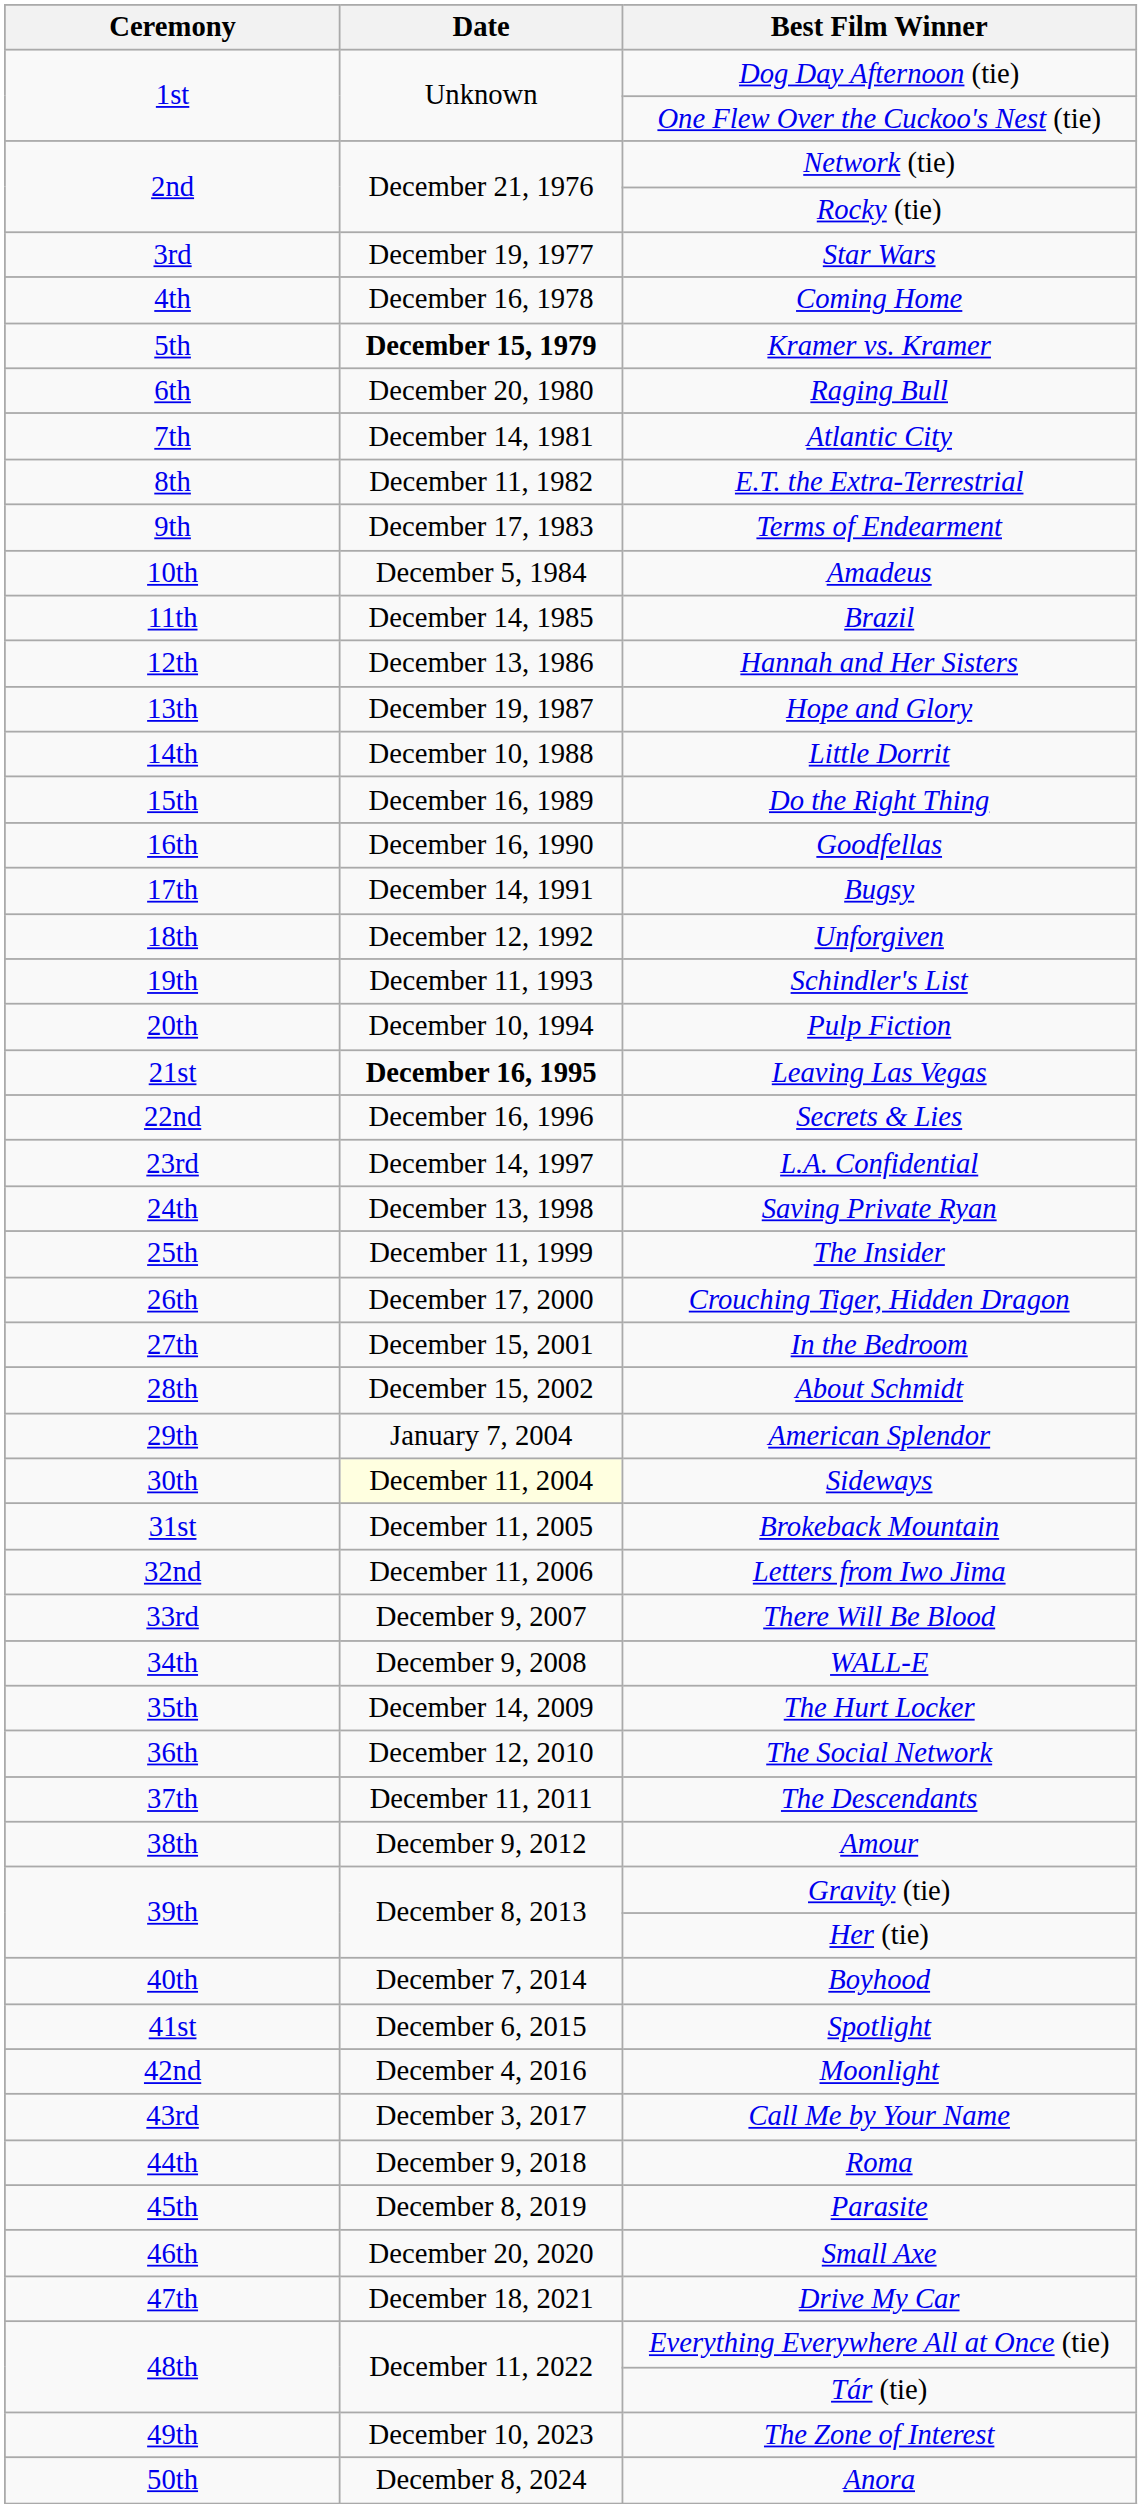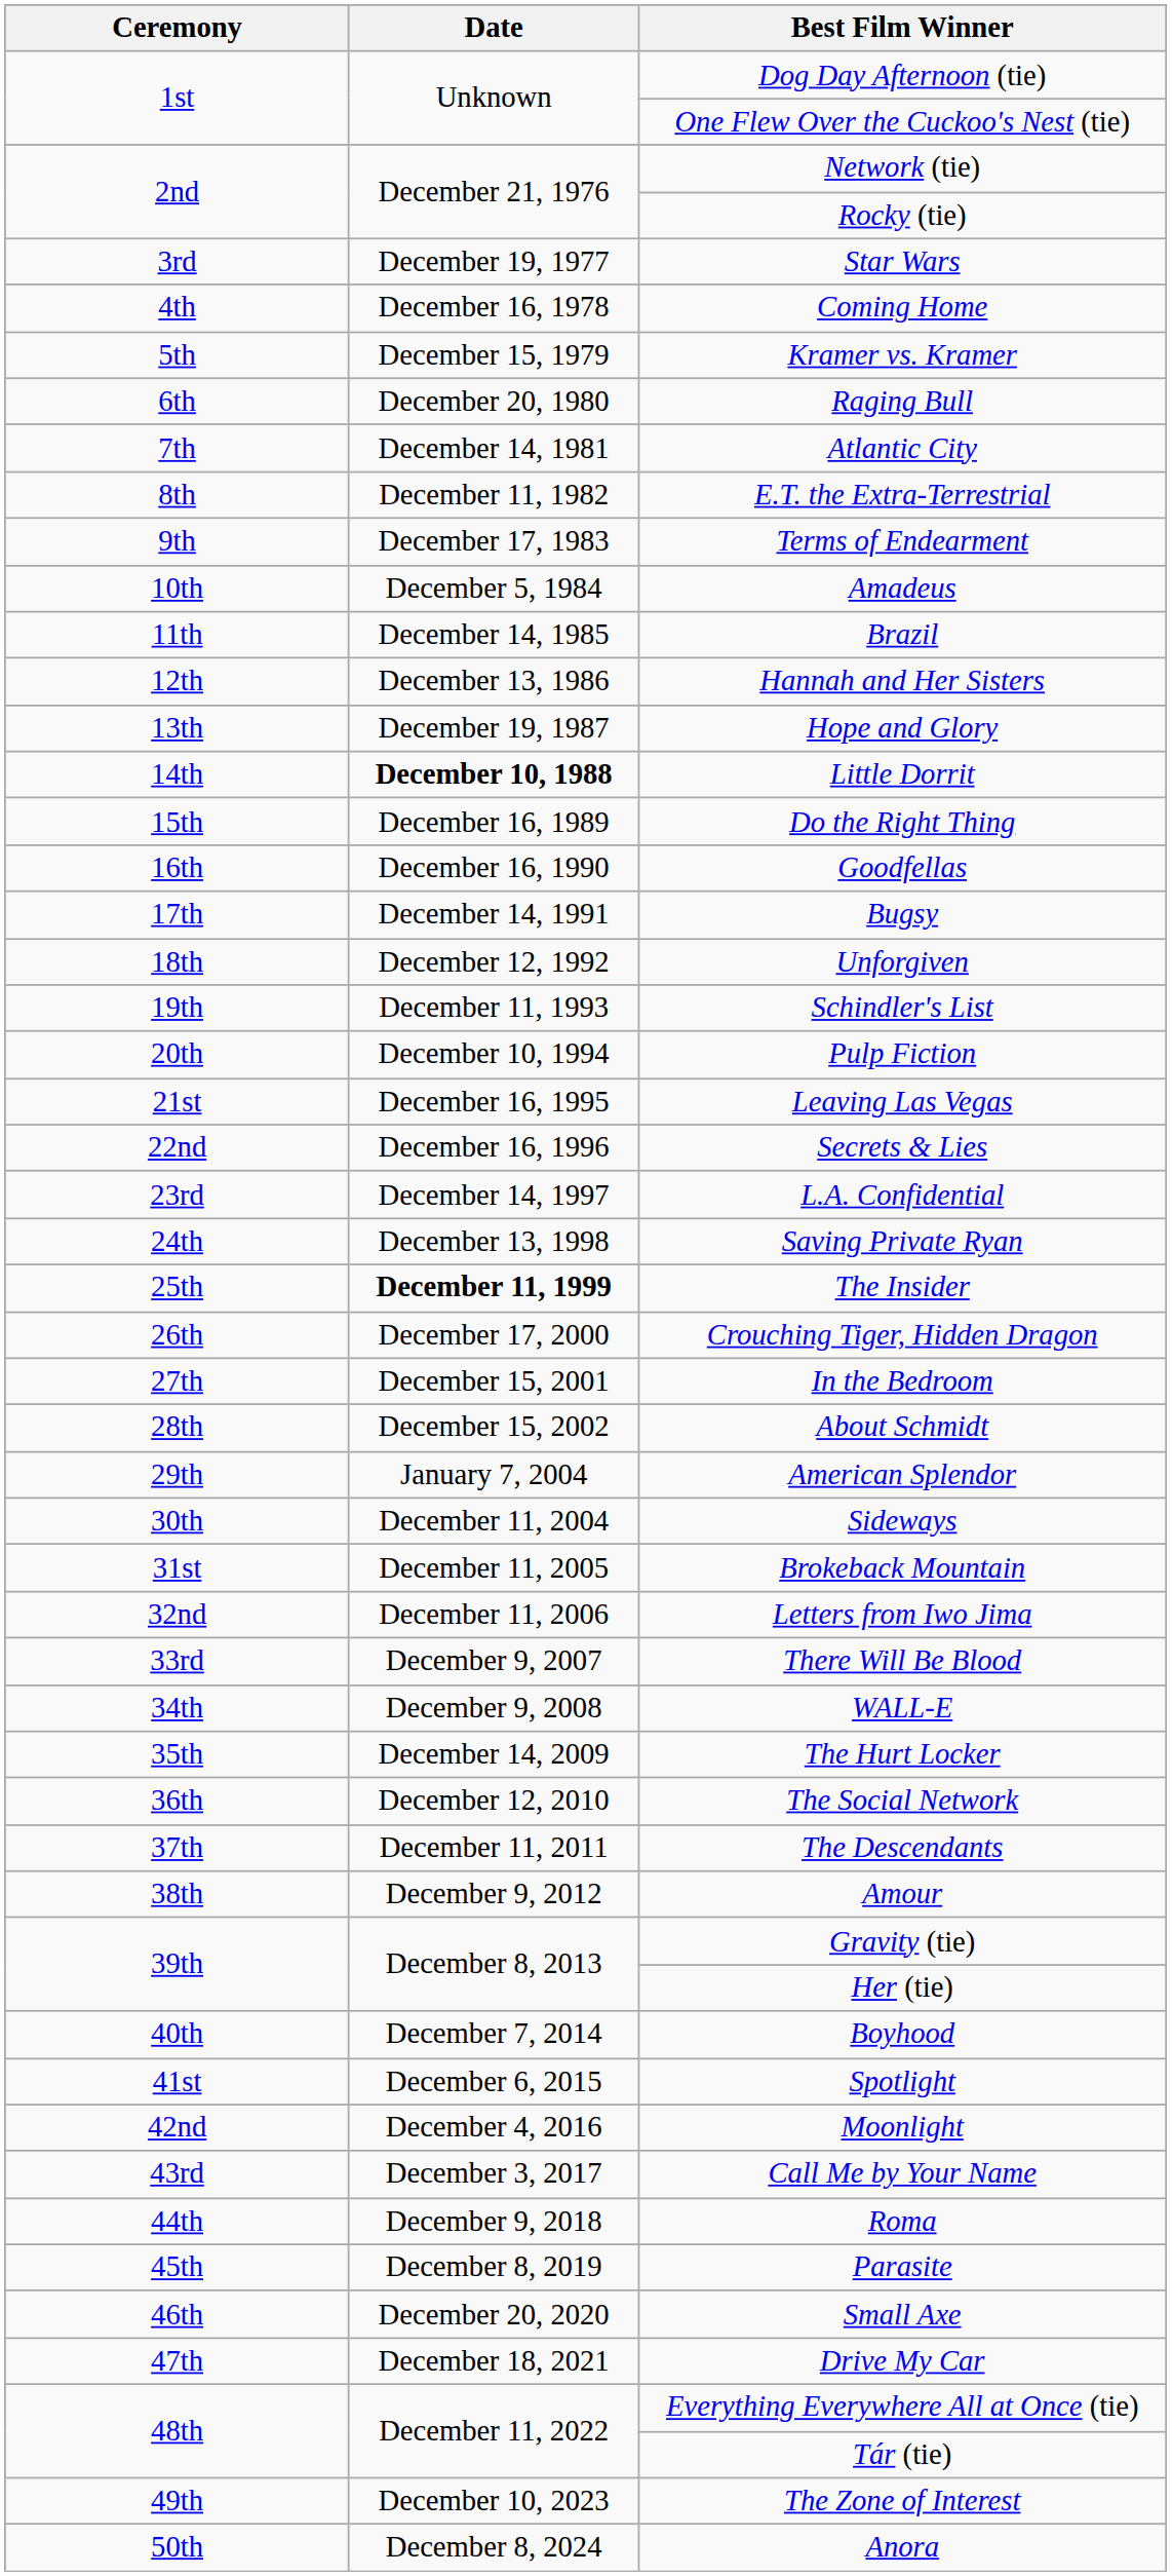 <table class="sortable wikitable" style="text-align: center">
 <tr>
 <th width="180">Ceremony</th>
 <th width="150">Date</th>
 <th width="280">Best Film Winner</th>
 </tr>
 <tr>
 <td rowspan="2"><a href='#'>1st</a></td>
 <td rowspan="2" align="center">Unknown</td>
 <td align="center"><em><a href='#'>Dog Day Afternoon</a></em> (tie)</td>
 </tr>
 <tr>
 <td align="center"><em><a href='#'>One Flew Over the Cuckoo's Nest</a></em> (tie)</td>
 </tr>
 <tr>
 <td rowspan="2"><a href='#'>2nd</a></td>
 <td rowspan="2" align="center">December 21, 1976</td>
 <td align="center"><em><a href='#'>Network</a></em> (tie)</td>
 </tr>
 <tr>
 <td align="center"><em><a href='#'>Rocky</a></em> (tie)</td>
 </tr>
 <tr>
 <td><a href='#'>3rd</a></td>
 <td align="center">December 19, 1977</td>
 <td align="center"><em><a href='#'>Star Wars</a></em></td>
 </tr>
 <tr>
 <td><a href='#'>4th</a></td>
 <td align="center">December 16, 1978</td>
 <td align="center"><em><a href='#'>Coming Home</a></em></td>
 </tr>
 <tr>
 <td><a href='#'>5th</a></td>
-<td align="center"><strong>December 15, 1979</strong></td>
+<td align="center">December 15, 1979</td>
 <td align="center"><em><a href='#'>Kramer vs. Kramer</a></em></td>
 </tr>
 <tr>
 <td><a href='#'>6th</a></td>
 <td align="center">December 20, 1980</td>
 <td align="center"><em><a href='#'>Raging Bull</a></em></td>
 </tr>
 <tr>
 <td><a href='#'>7th</a></td>
 <td align="center">December 14, 1981</td>
 <td align="center"><em><a href='#'>Atlantic City</a></em></td>
 </tr>
 <tr>
 <td><a href='#'>8th</a></td>
 <td align="center">December 11, 1982</td>
 <td align="center"><em><a href='#'>E.T. the Extra-Terrestrial</a></em></td>
 </tr>
 <tr>
 <td><a href='#'>9th</a></td>
 <td align="center">December 17, 1983</td>
 <td align="center"><em><a href='#'>Terms of Endearment</a></em></td>
 </tr>
 <tr>
 <td><a href='#'>10th</a></td>
 <td align="center">December 5, 1984</td>
 <td align="center"><em><a href='#'>Amadeus</a></em></td>
 </tr>
 <tr>
 <td><a href='#'>11th</a></td>
 <td align="center">December 14, 1985</td>
 <td align="center"><em><a href='#'>Brazil</a></em></td>
 </tr>
 <tr>
 <td><a href='#'>12th</a></td>
 <td align="center">December 13, 1986</td>
 <td align="center"><em><a href='#'>Hannah and Her Sisters</a></em></td>
 </tr>
 <tr>
 <td><a href='#'>13th</a></td>
 <td align="center">December 19, 1987</td>
 <td align="center"><em><a href='#'>Hope and Glory</a></em></td>
 </tr>
 <tr>
 <td><a href='#'>14th</a></td>
-<td align="center">December 10, 1988</td>
+<td align="center"><strong>December 10, 1988</strong></td>
 <td align="center"><em><a href='#'>Little Dorrit</a></em></td>
 </tr>
 <tr>
 <td><a href='#'>15th</a></td>
 <td align="center">December 16, 1989</td>
 <td align="center"><em><a href='#'>Do the Right Thing</a></em></td>
 </tr>
 <tr>
 <td><a href='#'>16th</a></td>
 <td align="center">December 16, 1990</td>
 <td align="center"><em><a href='#'>Goodfellas</a></em></td>
 </tr>
 <tr>
 <td><a href='#'>17th</a></td>
 <td align="center">December 14, 1991</td>
 <td align="center"><em><a href='#'>Bugsy</a></em></td>
 </tr>
 <tr>
 <td><a href='#'>18th</a></td>
 <td align="center">December 12, 1992</td>
 <td align="center"><em><a href='#'>Unforgiven</a></em></td>
 </tr>
 <tr>
 <td><a href='#'>19th</a></td>
 <td align="center">December 11, 1993</td>
 <td align="center"><em><a href='#'>Schindler's List</a></em></td>
 </tr>
 <tr>
 <td><a href='#'>20th</a></td>
 <td align="center">December 10, 1994</td>
 <td align="center"><em><a href='#'>Pulp Fiction</a></em></td>
 </tr>
 <tr>
 <td><a href='#'>21st</a></td>
-<td align="center"><strong>December 16, 1995</strong></td>
+<td align="center">December 16, 1995</td>
 <td align="center"><em><a href='#'>Leaving Las Vegas</a></em></td>
 </tr>
 <tr>
 <td><a href='#'>22nd</a></td>
 <td align="center">December 16, 1996</td>
 <td align="center"><em><a href='#'>Secrets & Lies</a></em></td>
 </tr>
 <tr>
 <td><a href='#'>23rd</a></td>
 <td align="center">December 14, 1997</td>
 <td align="center"><em><a href='#'>L.A. Confidential</a></em></td>
 </tr>
 <tr>
 <td><a href='#'>24th</a></td>
 <td align="center">December 13, 1998</td>
 <td align="center"><em><a href='#'>Saving Private Ryan</a></em></td>
 </tr>
 <tr>
 <td><a href='#'>25th</a></td>
-<td align="center">December 11, 1999</td>
+<td align="center"><strong>December 11, 1999</strong></td>
 <td align="center"><em><a href='#'>The Insider</a></em></td>
 </tr>
 <tr>
 <td><a href='#'>26th</a></td>
 <td align="center">December 17, 2000</td>
 <td align="center"><em><a href='#'>Crouching Tiger, Hidden Dragon</a></em></td>
 </tr>
 <tr>
 <td><a href='#'>27th</a></td>
 <td align="center">December 15, 2001</td>
 <td align="center"><em><a href='#'>In the Bedroom</a></em></td>
 </tr>
 <tr>
 <td><a href='#'>28th</a></td>
 <td align="center">December 15, 2002</td>
 <td align="center"><em><a href='#'>About Schmidt</a></em></td>
 </tr>
 <tr>
 <td><a href='#'>29th</a></td>
 <td align="center">January 7, 2004</td>
 <td align="center"><em><a href='#'>American Splendor</a></em></td>
 </tr>
 <tr>
 <td><a href='#'>30th</a></td>
-<td align="center" style="background: lightyellow;">December 11, 2004</td>
+<td align="center">December 11, 2004</td>
 <td align="center"><em><a href='#'>Sideways</a></em></td>
 </tr>
 <tr>
 <td><a href='#'>31st</a></td>
 <td align="center">December 11, 2005</td>
 <td align="center"><em><a href='#'>Brokeback Mountain</a></em></td>
 </tr>
 <tr>
 <td><a href='#'>32nd</a></td>
 <td align="center">December 11, 2006</td>
 <td align="center"><em><a href='#'>Letters from Iwo Jima</a></em></td>
 </tr>
 <tr>
 <td><a href='#'>33rd</a></td>
 <td align="center">December 9, 2007</td>
 <td align="center"><em><a href='#'>There Will Be Blood</a></em></td>
 </tr>
 <tr>
 <td><a href='#'>34th</a></td>
 <td align="center">December 9, 2008</td>
 <td align="center"><em><a href='#'>WALL-E</a></em></td>
 </tr>
 <tr>
 <td><a href='#'>35th</a></td>
 <td align="center">December 14, 2009</td>
 <td align="center"><em><a href='#'>The Hurt Locker</a></em></td>
 </tr>
 <tr>
 <td><a href='#'>36th</a></td>
 <td align="center">December 12, 2010</td>
 <td align="center"><em><a href='#'>The Social Network</a></em></td>
 </tr>
 <tr>
 <td><a href='#'>37th</a></td>
 <td align="center">December 11, 2011</td>
 <td align="center"><em><a href='#'>The Descendants</a></em></td>
 </tr>
 <tr>
 <td><a href='#'>38th</a></td>
 <td align="center">December 9, 2012</td>
 <td align="center"><em><a href='#'>Amour</a></em></td>
 </tr>
 <tr>
 <td rowspan="2"><a href='#'>39th</a></td>
 <td rowspan="2" align="center">December 8, 2013</td>
 <td align="center"><em><a href='#'>Gravity</a></em> (tie)</td>
 </tr>
 <tr>
 <td align="center"><em><a href='#'>Her</a></em> (tie)</td>
 </tr>
 <tr>
 <td><a href='#'>40th</a></td>
 <td align="center">December 7, 2014</td>
 <td align="center"><em><a href='#'>Boyhood</a></em></td>
 </tr>
 <tr>
 <td><a href='#'>41st</a></td>
 <td align="center">December 6, 2015</td>
 <td align="center"><em><a href='#'>Spotlight</a></em></td>
 </tr>
 <tr>
 <td><a href='#'>42nd</a></td>
 <td align="center">December 4, 2016</td>
 <td align="center"><em><a href='#'>Moonlight</a></em></td>
 </tr>
 <tr>
 <td><a href='#'>43rd</a></td>
 <td align="center">December 3, 2017</td>
 <td align="center"><em><a href='#'>Call Me by Your Name</a></em></td>
 </tr>
 <tr>
 <td><a href='#'>44th</a></td>
 <td align="center">December 9, 2018</td>
 <td align="center"><em><a href='#'>Roma</a></em></td>
 </tr>
 <tr>
 <td><a href='#'>45th</a></td>
 <td align="center">December 8, 2019</td>
 <td align="center"><em><a href='#'>Parasite</a></em></td>
 </tr>
 <tr>
 <td><a href='#'>46th</a></td>
 <td align="center">December 20, 2020</td>
 <td align="center"><em><a href='#'>Small Axe</a></em></td>
 </tr>
 <tr>
 <td><a href='#'>47th</a></td>
 <td align="center">December 18, 2021</td>
 <td align="center"><em><a href='#'>Drive My Car</a></em></td>
 </tr>
 <tr>
 <td rowspan=2><a href='#'>48th</a></td>
 <td rowspan=2, align="center">December 11, 2022</td>
 <td align="center"><em><a href='#'>Everything Everywhere All at Once</a></em> (tie)</td>
 </tr>
 <tr>
 <td align="center"><em><a href='#'>Tár</a></em> (tie)</td>
 </tr>
 <tr>
 <td><a href='#'>49th</a></td>
 <td align="center">December 10, 2023</td>
 <td align="center"><em><a href='#'>The Zone of Interest</a></em> </td>
 </tr>
 <tr>
 <td><a href='#'>50th</a></td>
 <td align="center">December 8, 2024</td>
 <td align="center"><em><a href='#'>Anora</a></em></td>
 </tr>
 <tr>
 </tr>
 </table>
